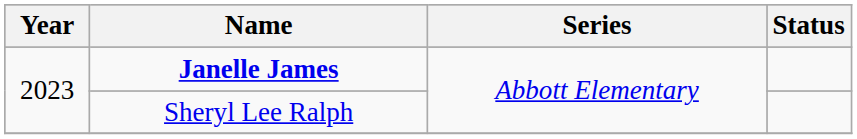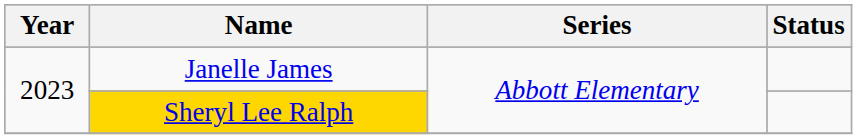 <table class="wikitable" style="text-align: center">
 <tr>
 <th style="width:10%;">Year</th>
 <th style="width:40%;">Name</th>
 <th style="width:40%;">Series</th>
 <th style="width:10%;">Status</th>
 </tr>
 <tr>
 <td rowspan="2">2023</td>
-<td><strong><a href='#'>Janelle James</a></strong></td>
+<td><a href='#'>Janelle James</a></td>
 <td rowspan="2"><em><a href='#'>Abbott Elementary</a></em></td>
 <td></td>
 </tr>
 <tr>
-<td><a href='#'>Sheryl Lee Ralph</a></td>
+<td style="background: gold;"><a href='#'>Sheryl Lee Ralph</a></td>
 <td></td>
 </tr>
 <tr>
 </tr>
 </table>
